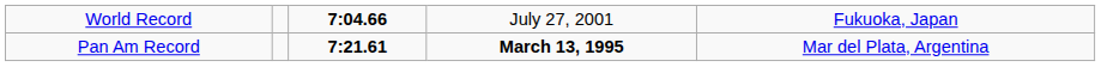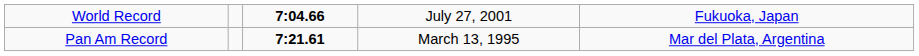 <table class="wikitable" style=" text-align:center; font-size:95%;" width="75%">
 <tr>
 <td><a href='#'>World Record</a></td>
 <td></td>
 <td><strong>7:04.66 </strong></td>
 <td>July 27, 2001</td>
 <td> <a href='#'>Fukuoka, Japan</a></td>
 </tr>
 <tr>
 <td><a href='#'>Pan Am Record</a></td>
 <td></td>
 <td><strong>7:21.61</strong></td>
-<td><strong>March 13, 1995</strong></td>
+<td>March 13, 1995</td>
 <td> <a href='#'>Mar del Plata, Argentina</a></td>
 </tr>
 </table>
